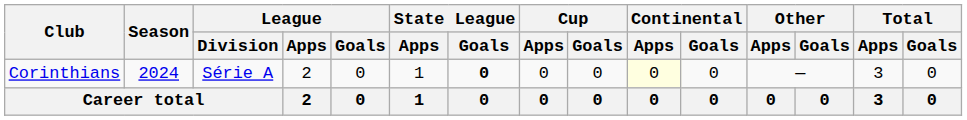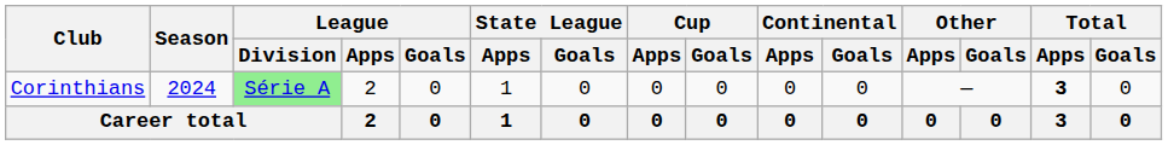 <table class="wikitable" style="text-align: center;">
 <tr>
 <th rowspan="2">Club</th>
 <th rowspan="2">Season</th>
 <th colspan="3">League</th>
 <th colspan="2">State League</th>
 <th colspan="2">Cup</th>
 <th colspan="2">Continental</th>
 <th colspan="2">Other</th>
 <th colspan="2">Total</th>
 </tr>
 <tr>
 <th>Division</th>
 <th>Apps</th>
 <th>Goals</th>
 <th>Apps</th>
 <th>Goals</th>
 <th>Apps</th>
 <th>Goals</th>
 <th>Apps</th>
 <th>Goals</th>
 <th>Apps</th>
 <th>Goals</th>
 <th>Apps</th>
 <th>Goals</th>
 </tr>
 <tr>
 <td valign="center"><a href='#'>Corinthians</a></td>
 <td><a href='#'>2024</a></td>
-<td><a href='#'>Série A</a></td>
+<td style="background: lightgreen;"><a href='#'>Série A</a></td>
 <td>2</td>
 <td>0</td>
 <td>1</td>
-<td><strong>0</strong></td>
 <td>0</td>
 <td>0</td>
-<td style="background: lightyellow;">0</td>
+<td>0</td>
+<td>0</td>
 <td>0</td>
 <td colspan="2">—</td>
-<td>3</td>
+<td><strong>3</strong></td>
 <td>0</td>
 </tr>
 <tr>
 <th colspan="3"><strong>Career total</strong></th>
 <th>2</th>
 <th>0</th>
 <th>1</th>
 <th>0</th>
 <th>0</th>
 <th>0</th>
 <th>0</th>
 <th>0</th>
 <th>0</th>
 <th>0</th>
 <th>3</th>
 <th>0</th>
 </tr>
 </table>
